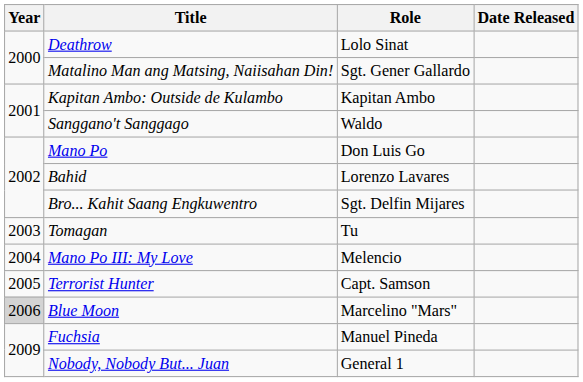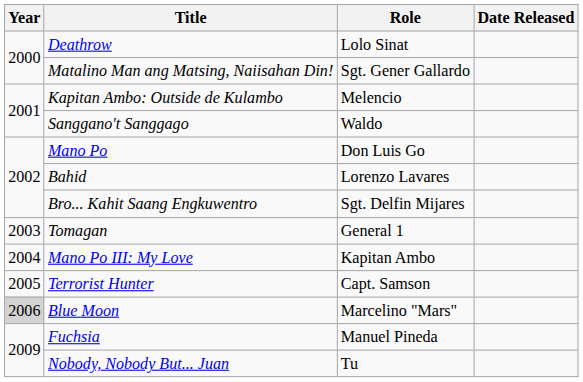 <table class="wikitable" style="font-size: 95%;">
 <tr>
 <th>Year</th>
 <th>Title</th>
 <th>Role</th>
 <th>Date Released</th>
 </tr>
 <tr>
 <td rowspan="2">2000</td>
 <td><em><a href='#'>Deathrow</a></em></td>
 <td>Lolo Sinat</td>
 <td></td>
 </tr>
 <tr>
 <td><em>Matalino Man ang Matsing, Naiisahan Din!</em></td>
 <td>Sgt. Gener Gallardo</td>
 <td></td>
 </tr>
 <tr>
 <td rowspan="2">2001</td>
 <td><em>Kapitan Ambo: Outside de Kulambo</em></td>
-<td>Kapitan Ambo</td>
+<td>Melencio</td>
 <td></td>
 </tr>
 <tr>
 <td><em>Sanggano't Sanggago</em></td>
 <td>Waldo</td>
 <td></td>
 </tr>
 <tr>
 <td rowspan="3">2002</td>
 <td><em><a href='#'>Mano Po</a></em></td>
 <td>Don Luis Go</td>
 <td></td>
 </tr>
 <tr>
 <td><em>Bahid</em></td>
 <td>Lorenzo Lavares</td>
 <td></td>
 </tr>
 <tr>
 <td><em>Bro... Kahit Saang Engkuwentro</em></td>
 <td>Sgt. Delfin Mijares</td>
 <td></td>
 </tr>
 <tr>
 <td>2003</td>
 <td><em>Tomagan</em></td>
-<td>Tu</td>
+<td>General 1</td>
 <td></td>
 </tr>
 <tr>
 <td>2004</td>
 <td><em><a href='#'>Mano Po III: My Love</a></em></td>
-<td>Melencio</td>
+<td>Kapitan Ambo</td>
 <td></td>
 </tr>
 <tr>
 <td>2005</td>
 <td><em><a href='#'>Terrorist Hunter</a></em></td>
 <td>Capt. Samson</td>
 <td></td>
 </tr>
 <tr>
 <td style="background: lightgrey;">2006</td>
 <td><em><a href='#'>Blue Moon</a></em></td>
 <td>Marcelino "Mars"</td>
 <td></td>
 </tr>
 <tr>
 <td rowspan="2">2009</td>
 <td><em><a href='#'>Fuchsia</a></em></td>
 <td>Manuel Pineda</td>
 <td></td>
 </tr>
 <tr>
 <td><em><a href='#'>Nobody, Nobody But... Juan</a></em></td>
-<td>General 1</td>
+<td>Tu</td>
 <td></td>
 </tr>
 </table>
